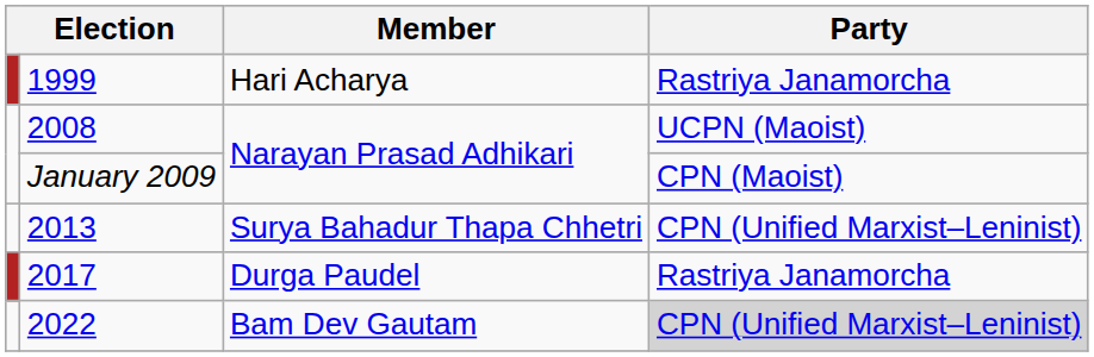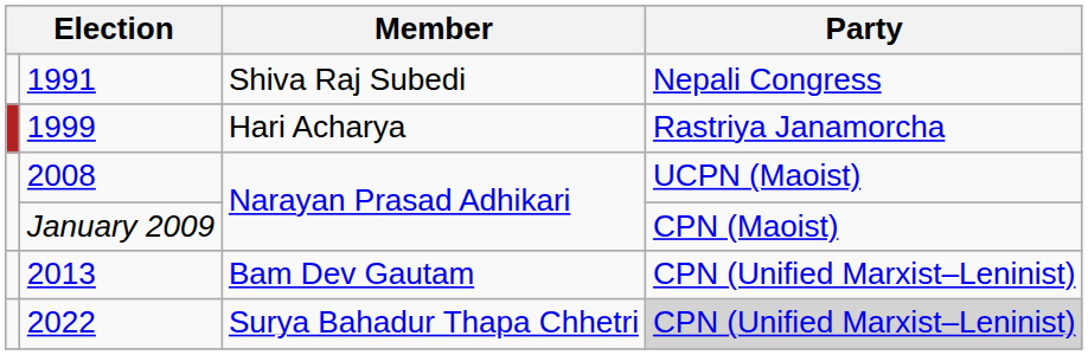 <table class="wikitable">
 <tr>
 <th colspan="2">Election</th>
 <th>Member</th>
 <th>Party</th>
+</tr>
+<tr>
+<td style="background-color:"></td>
+<td><a href='#'>1991</a></td>
+<td>Shiva Raj Subedi</td>
+<td><a href='#'>Nepali Congress</a></td>
 </tr>
 <tr>
 <td style="background-color:firebrick"></td>
 <td><a href='#'>1999</a></td>
 <td>Hari Acharya</td>
 <td><a href='#'>Rastriya Janamorcha</a></td>
 </tr>
 <tr>
 <td rowspan="2" style="background-color:"></td>
 <td><a href='#'>2008</a></td>
 <td rowspan="2"><a href='#'>Narayan Prasad Adhikari</a></td>
 <td><a href='#'>UCPN (Maoist)</a></td>
 </tr>
 <tr>
 <td><em>January 2009</em></td>
 <td><a href='#'>CPN (Maoist)</a></td>
 </tr>
 <tr>
 <td style="background-color:"></td>
 <td><a href='#'>2013</a></td>
-<td><a href='#'>Surya Bahadur Thapa Chhetri</a></td>
+<td><a href='#'>Bam Dev Gautam</a></td>
 <td><a href='#'>CPN (Unified Marxist–Leninist)</a></td>
-</tr>
-<tr>
-<td style="background-color:firebrick"></td>
-<td><a href='#'>2017</a></td>
-<td><a href='#'>Durga Paudel</a></td>
-<td><a href='#'>Rastriya Janamorcha</a></td>
 </tr>
 <tr>
 <td style="background-color:"></td>
 <td><a href='#'>2022</a></td>
-<td><a href='#'>Bam Dev Gautam</a></td>
+<td><a href='#'>Surya Bahadur Thapa Chhetri</a></td>
 <td style="background: lightgrey;"><a href='#'>CPN (Unified Marxist–Leninist)</a></td>
 </tr>
 </table>
